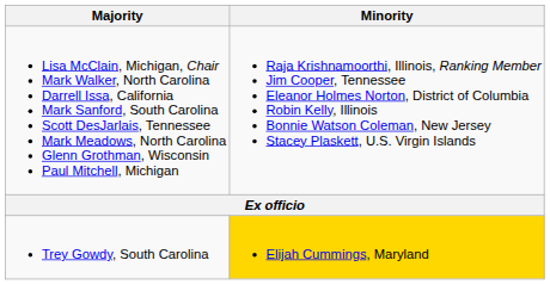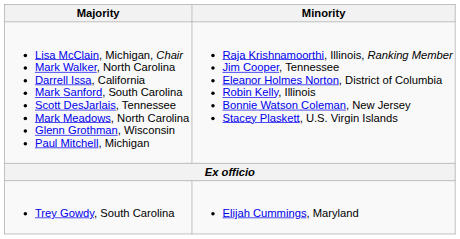 <table class=wikitable>
 <tr>
 <th>Majority</th>
 <th>Minority</th>
 </tr>
 <tr valign=top>
 <td><br><ul><li><a href='#'>Lisa McClain</a>, Michigan, <em>Chair</em></li><li><a href='#'>Mark Walker</a>, North Carolina</li><li><a href='#'>Darrell Issa</a>, California</li><li><a href='#'>Mark Sanford</a>, South Carolina</li><li><a href='#'>Scott DesJarlais</a>, Tennessee</li><li><a href='#'>Mark Meadows</a>, North Carolina</li><li><a href='#'>Glenn Grothman</a>, Wisconsin</li><li><a href='#'>Paul Mitchell</a>, Michigan</li></ul></td>
 <td><br><ul><li><a href='#'>Raja Krishnamoorthi</a>, Illinois, <em>Ranking Member</em></li><li><a href='#'>Jim Cooper</a>, Tennessee</li><li><a href='#'>Eleanor Holmes Norton</a>, District of Columbia</li><li><a href='#'>Robin Kelly</a>, Illinois</li><li><a href='#'>Bonnie Watson Coleman</a>, New Jersey</li><li><a href='#'>Stacey Plaskett</a>, U.S. Virgin Islands</li></ul></td>
 </tr>
 <tr>
 <th colspan=2><em>Ex officio</em></th>
 </tr>
 <tr>
 <td><br><ul><li><a href='#'>Trey Gowdy</a>, South Carolina</li></ul></td>
-<td style="background: gold;"><br><ul><li><a href='#'>Elijah Cummings</a>, Maryland</li></ul></td>
+<td><br><ul><li><a href='#'>Elijah Cummings</a>, Maryland</li></ul></td>
 </tr>
 </table>
